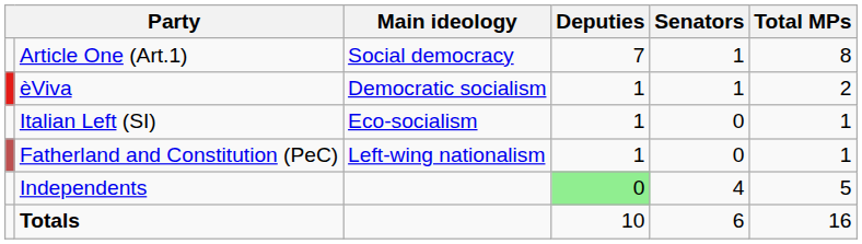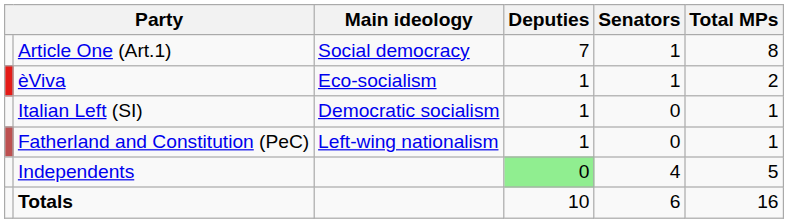 <table class="wikitable" style="font-size:100%">
 <tr>
 <th colspan=2>Party</th>
 <th>Main ideology</th>
 <th>Deputies</th>
 <th>Senators</th>
 <th>Total MPs</th>
 </tr>
 <tr>
 <td></td>
 <td><a href='#'>Article One</a> (Art.1)</td>
 <td><a href='#'>Social democracy</a></td>
 <td align=right>7</td>
 <td align=right>1</td>
 <td align=right>8</td>
 </tr>
 <tr>
 <td bgcolor="#E41B17"></td>
 <td><a href='#'>èViva</a></td>
-<td><a href='#'>Democratic socialism</a></td>
+<td><a href='#'>Eco-socialism</a></td>
 <td align=right>1</td>
 <td align=right>1</td>
 <td align=right>2</td>
 </tr>
 <tr>
 <td></td>
 <td><a href='#'>Italian Left</a> (SI)</td>
-<td><a href='#'>Eco-socialism</a></td>
+<td><a href='#'>Democratic socialism</a></td>
 <td align=right>1</td>
 <td align=right>0</td>
 <td align=right>1</td>
 </tr>
 <tr>
 <td bgcolor="#BD5050"></td>
 <td><a href='#'>Fatherland and Constitution</a> (PeC)</td>
 <td><a href='#'>Left-wing nationalism</a></td>
 <td align=right>1</td>
 <td align=right>0</td>
 <td align=right>1</td>
 </tr>
 <tr>
 <td></td>
 <td><a href='#'>Independents</a></td>
 <td></td>
 <td align=right style="background: lightgreen;">0</td>
 <td align=right>4</td>
 <td align=right>5</td>
 </tr>
 <tr>
 <td></td>
 <td><strong>Totals</strong></td>
 <td></td>
 <td align=right>10</td>
 <td align=right>6</td>
 <td align=right>16</td>
 </tr>
 </table>
